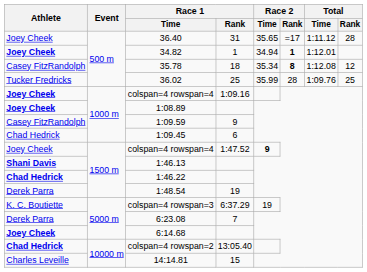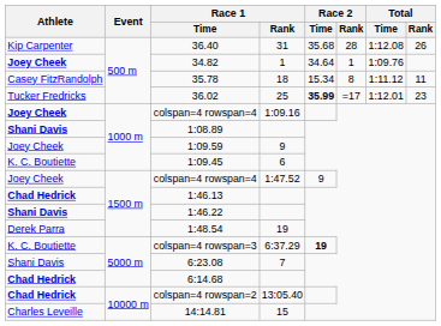 <table class=wikitable style=font-size:90%;text-align:center>
 <tr>
 <th rowspan=2>Athlete</th>
 <th rowspan=2>Event</th>
 <th colspan=2>Race 1</th>
 <th colspan=2>Race 2</th>
 <th colspan=2>Total</th>
 </tr>
 <tr style=font-size:95%>
 <th>Time</th>
 <th>Rank</th>
 <th>Time</th>
 <th>Rank</th>
 <th>Time</th>
 <th>Rank</th>
 </tr>
 <tr>
-<td align=left><a href='#'>Joey Cheek</a></td>
+<td align=left><a href='#'>Kip Carpenter</a></td>
 <td align=left rowspan=4><a href='#'>500 m</a></td>
 <td>36.40</td>
 <td>31</td>
-<td>35.65</td>
-<td>=17</td>
-<td>1:11.12</td>
+<td>35.68</td>
 <td>28</td>
+<td>1:12.08</td>
+<td>26</td>
 </tr>
 <tr>
 <td align=left><strong><a href='#'>Joey Cheek</a></strong></td>
 <td>34.82</td>
 <td>1</td>
-<td>34.94</td>
-<td><strong>1</strong></td>
-<td>1:12.01</td>
+<td>34.64</td>
+<td>1</td>
+<td>1:09.76</td>
 <td></td>
 </tr>
 <tr>
 <td align=left><a href='#'>Casey FitzRandolph</a></td>
 <td>35.78</td>
 <td>18</td>
-<td>35.34</td>
-<td><strong>8</strong></td>
-<td>1:12.08</td>
-<td>12</td>
+<td>15.34</td>
+<td>8</td>
+<td>1:11.12</td>
+<td>11</td>
 </tr>
 <tr>
 <td align=left><a href='#'>Tucker Fredricks</a></td>
 <td>36.02</td>
 <td>25</td>
-<td>35.99</td>
-<td>28</td>
-<td>1:09.76</td>
-<td>25</td>
+<td><strong>35.99</strong></td>
+<td>=17</td>
+<td>1:12.01</td>
+<td>23</td>
 </tr>
 <tr>
 <td align=left><strong><a href='#'>Joey Cheek</a></strong></td>
 <td align=left rowspan=4><a href='#'>1000 m</a></td>
 <td>colspan=4 rowspan=4 </td>
 <td>1:09.16</td>
 <td></td>
 </tr>
 <tr>
-<td align=left><strong><a href='#'>Joey Cheek</a></strong></td>
+<td align=left><strong><a href='#'>Shani Davis</a></strong></td>
 <td>1:08.89</td>
 <td></td>
 </tr>
 <tr>
-<td align=left><a href='#'>Casey FitzRandolph</a></td>
+<td align=left><a href='#'>Joey Cheek</a></td>
 <td>1:09.59</td>
 <td>9</td>
 </tr>
 <tr>
-<td align=left><a href='#'>Chad Hedrick</a></td>
+<td align=left><a href='#'>K. C. Boutiette</a></td>
 <td>1:09.45</td>
 <td>6</td>
 </tr>
 <tr>
 <td align=left><a href='#'>Joey Cheek</a></td>
 <td align=left rowspan=4><a href='#'>1500 m</a></td>
 <td>colspan=4 rowspan=4 </td>
 <td>1:47.52</td>
-<td><strong>9</strong></td>
+<td>9</td>
 </tr>
 <tr>
-<td align=left><strong><a href='#'>Shani Davis</a></strong></td>
+<td align=left><strong><a href='#'>Chad Hedrick</a></strong></td>
 <td>1:46.13</td>
 <td></td>
 </tr>
 <tr>
-<td align=left><strong><a href='#'>Chad Hedrick</a></strong></td>
+<td align=left><strong><a href='#'>Shani Davis</a></strong></td>
 <td>1:46.22</td>
 <td></td>
 </tr>
 <tr>
 <td align=left><a href='#'>Derek Parra</a></td>
 <td>1:48.54</td>
 <td>19</td>
 </tr>
 <tr>
 <td align=left><a href='#'>K. C. Boutiette</a></td>
 <td align=left rowspan=3><a href='#'>5000 m</a></td>
 <td>colspan=4 rowspan=3 </td>
 <td>6:37.29</td>
-<td>19</td>
+<td><strong>19</strong></td>
 </tr>
 <tr>
-<td align=left><a href='#'>Derek Parra</a></td>
+<td align=left><a href='#'>Shani Davis</a></td>
 <td>6:23.08</td>
 <td>7</td>
 </tr>
 <tr>
-<td align=left><strong><a href='#'>Joey Cheek</a></strong></td>
+<td align=left><strong><a href='#'>Chad Hedrick</a></strong></td>
 <td>6:14.68</td>
 <td></td>
 </tr>
 <tr>
 <td align=left><strong><a href='#'>Chad Hedrick</a></strong></td>
 <td align=left rowspan=2><a href='#'>10000 m</a></td>
 <td>colspan=4 rowspan=2 </td>
 <td>13:05.40</td>
 <td></td>
 </tr>
 <tr>
 <td align=left><a href='#'>Charles Leveille</a></td>
 <td>14:14.81</td>
 <td>15</td>
 </tr>
 </table>
